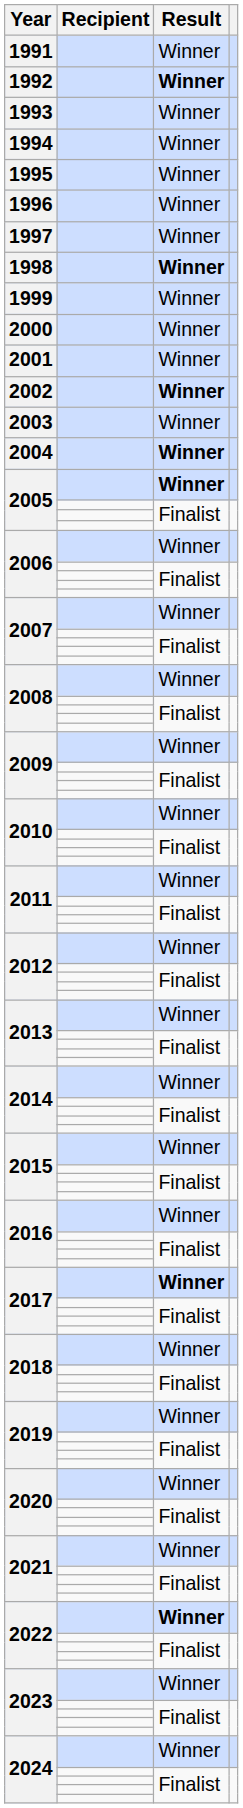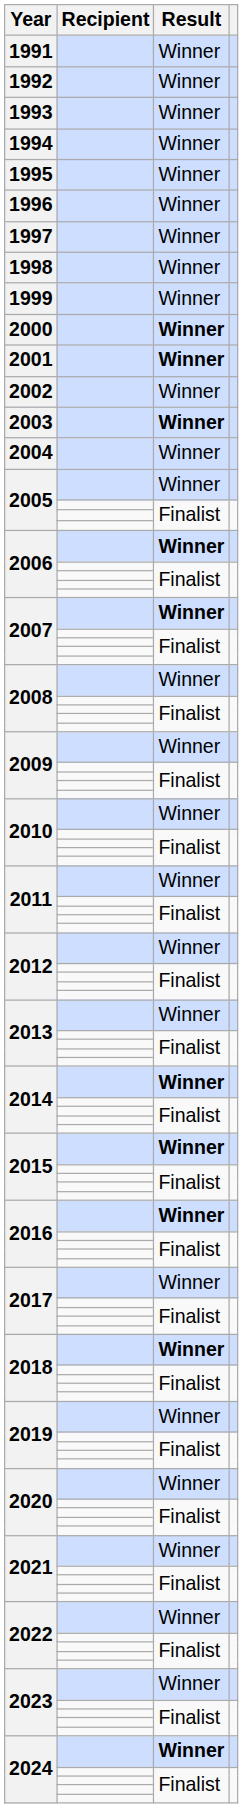 <table class="wikitable sortable mw-collapsible">
 <tr>
 <th scope="col">Year</th>
 <th scope="col">Recipient</th>
 <th scope="col">Result</th>
 <th scope="col"></th>
 </tr>
 <tr style="background:#cddeff">
 <th>1991</th>
 <td></td>
 <td>Winner</td>
 <td></td>
 </tr>
 <tr style="background:#cddeff">
 <th>1992</th>
 <td></td>
-<td><strong>Winner</strong></td>
+<td>Winner</td>
 <td></td>
 </tr>
 <tr style="background:#cddeff">
 <th>1993</th>
 <td></td>
 <td>Winner</td>
 <td></td>
 </tr>
 <tr style="background:#cddeff">
 <th>1994</th>
 <td></td>
 <td>Winner</td>
 <td></td>
 </tr>
 <tr style="background:#cddeff">
 <th>1995</th>
 <td></td>
 <td>Winner</td>
 <td></td>
 </tr>
 <tr style="background:#cddeff">
 <th>1996</th>
 <td></td>
 <td>Winner</td>
 <td></td>
 </tr>
 <tr style="background:#cddeff">
 <th>1997</th>
 <td></td>
 <td>Winner</td>
 <td></td>
 </tr>
 <tr style="background:#cddeff">
 <th>1998</th>
 <td></td>
-<td><strong>Winner</strong></td>
+<td>Winner</td>
 <td></td>
 </tr>
 <tr style="background:#cddeff">
 <th>1999</th>
 <td></td>
 <td>Winner</td>
 <td></td>
 </tr>
 <tr style="background:#cddeff">
 <th>2000</th>
 <td></td>
-<td>Winner</td>
+<td><strong>Winner</strong></td>
 <td></td>
 </tr>
 <tr style="background:#cddeff">
 <th>2001</th>
 <td></td>
-<td>Winner</td>
+<td><strong>Winner</strong></td>
 <td></td>
 </tr>
 <tr style="background:#cddeff">
 <th>2002</th>
 <td></td>
-<td><strong>Winner</strong></td>
+<td>Winner</td>
 <td></td>
 </tr>
 <tr style="background:#cddeff">
 <th>2003</th>
 <td></td>
-<td>Winner</td>
+<td><strong>Winner</strong></td>
 <td></td>
 </tr>
 <tr style="background:#cddeff">
 <th>2004</th>
 <td></td>
-<td><strong>Winner</strong></td>
+<td>Winner</td>
 <td></td>
 </tr>
 <tr style="background:#cddeff">
 <th rowspan="4">2005</th>
 <td></td>
-<td><strong>Winner</strong></td>
+<td>Winner</td>
 <td></td>
 </tr>
 <tr>
 <td></td>
 <td rowspan="3">Finalist</td>
 <td rowspan="3"></td>
 </tr>
 <tr>
 <td></td>
 </tr>
 <tr>
 <td></td>
 </tr>
 <tr style="background:#cddeff">
 <th rowspan="5">2006</th>
 <td></td>
-<td>Winner</td>
+<td><strong>Winner</strong></td>
 <td></td>
 </tr>
 <tr>
 <td></td>
 <td rowspan="4">Finalist</td>
 <td rowspan="4"></td>
 </tr>
 <tr>
 <td></td>
 </tr>
 <tr>
 <td></td>
 </tr>
 <tr>
 <td></td>
 </tr>
 <tr style="background:#cddeff">
 <th rowspan="5">2007</th>
 <td></td>
-<td>Winner</td>
+<td><strong>Winner</strong></td>
 <td></td>
 </tr>
 <tr>
 <td></td>
 <td rowspan="4">Finalist</td>
 <td rowspan="4"></td>
 </tr>
 <tr>
 <td></td>
 </tr>
 <tr>
 <td></td>
 </tr>
 <tr>
 <td></td>
 </tr>
 <tr style="background:#cddeff">
 <th rowspan="5">2008</th>
 <td></td>
 <td>Winner</td>
 <td></td>
 </tr>
 <tr>
 <td></td>
 <td rowspan="4">Finalist</td>
 <td rowspan="4"></td>
 </tr>
 <tr>
 <td></td>
 </tr>
 <tr>
 <td></td>
 </tr>
 <tr>
 <td></td>
 </tr>
 <tr style="background:#cddeff">
 <th rowspan="5">2009</th>
 <td></td>
 <td>Winner</td>
 <td></td>
 </tr>
 <tr>
 <td></td>
 <td rowspan="4">Finalist</td>
 <td rowspan="4"></td>
 </tr>
 <tr>
 <td></td>
 </tr>
 <tr>
 <td></td>
 </tr>
 <tr>
 <td></td>
 </tr>
 <tr style="background:#cddeff">
 <th rowspan="5">2010</th>
 <td></td>
 <td>Winner</td>
 <td></td>
 </tr>
 <tr>
 <td></td>
 <td rowspan="4">Finalist</td>
 <td rowspan="4"></td>
 </tr>
 <tr>
 <td></td>
 </tr>
 <tr>
 <td></td>
 </tr>
 <tr>
 <td></td>
 </tr>
 <tr style="background:#cddeff">
 <th rowspan="5">2011</th>
 <td></td>
 <td>Winner</td>
 <td></td>
 </tr>
 <tr>
 <td></td>
 <td rowspan="4">Finalist</td>
 <td rowspan="4"></td>
 </tr>
 <tr>
 <td></td>
 </tr>
 <tr>
 <td></td>
 </tr>
 <tr>
 <td></td>
 </tr>
 <tr style="background:#cddeff">
 <th rowspan="5">2012</th>
 <td></td>
 <td>Winner</td>
 <td></td>
 </tr>
 <tr>
 <td></td>
 <td rowspan="4">Finalist</td>
 <td rowspan="4"></td>
 </tr>
 <tr>
 <td></td>
 </tr>
 <tr>
 <td></td>
 </tr>
 <tr>
 <td></td>
 </tr>
 <tr style="background:#cddeff">
 <th rowspan="5">2013</th>
 <td></td>
 <td>Winner</td>
 <td></td>
 </tr>
 <tr>
 <td></td>
 <td rowspan="4">Finalist</td>
 <td rowspan="4"></td>
 </tr>
 <tr>
 <td></td>
 </tr>
 <tr>
 <td></td>
 </tr>
 <tr>
 <td></td>
 </tr>
 <tr style="background:#cddeff">
 <th rowspan="5">2014</th>
 <td></td>
-<td>Winner</td>
+<td><strong>Winner</strong></td>
 <td></td>
 </tr>
 <tr>
 <td></td>
 <td rowspan="4">Finalist</td>
 <td rowspan="4"></td>
 </tr>
 <tr>
 <td></td>
 </tr>
 <tr>
 <td></td>
 </tr>
 <tr>
 <td></td>
 </tr>
 <tr style="background:#cddeff">
 <th rowspan="5">2015</th>
 <td></td>
-<td>Winner</td>
+<td><strong>Winner</strong></td>
 <td></td>
 </tr>
 <tr>
 <td></td>
 <td rowspan="4">Finalist</td>
 <td rowspan="4"></td>
 </tr>
 <tr>
 <td></td>
 </tr>
 <tr>
 <td></td>
 </tr>
 <tr>
 <td></td>
 </tr>
 <tr style="background:#cddeff">
 <th rowspan="5">2016</th>
 <td></td>
-<td>Winner</td>
+<td><strong>Winner</strong></td>
 <td></td>
 </tr>
 <tr>
 <td></td>
 <td rowspan="4">Finalist</td>
 <td rowspan="4"></td>
 </tr>
 <tr>
 <td></td>
 </tr>
 <tr>
 <td></td>
 </tr>
 <tr>
 <td></td>
 </tr>
 <tr style="background:#cddeff">
 <th rowspan="5">2017</th>
 <td></td>
-<td><strong>Winner</strong></td>
+<td>Winner</td>
 <td></td>
 </tr>
 <tr>
 <td></td>
 <td rowspan="4">Finalist</td>
 <td rowspan="4"></td>
 </tr>
 <tr>
 <td></td>
 </tr>
 <tr>
 <td></td>
 </tr>
 <tr>
 <td></td>
 </tr>
 <tr style="background:#cddeff">
 <th rowspan="5">2018</th>
 <td></td>
-<td>Winner</td>
+<td><strong>Winner</strong></td>
 <td></td>
 </tr>
 <tr>
 <td></td>
 <td rowspan="4">Finalist</td>
 <td rowspan="4"></td>
 </tr>
 <tr>
 <td></td>
 </tr>
 <tr>
 <td></td>
 </tr>
 <tr>
 <td></td>
 </tr>
 <tr style="background:#cddeff">
 <th rowspan="5">2019</th>
 <td></td>
 <td>Winner</td>
 <td></td>
 </tr>
 <tr>
 <td></td>
 <td rowspan="4">Finalist</td>
 <td rowspan="4"></td>
 </tr>
 <tr>
 <td></td>
 </tr>
 <tr>
 <td></td>
 </tr>
 <tr>
 <td></td>
 </tr>
 <tr style="background:#cddeff">
 <th rowspan="5">2020</th>
 <td></td>
 <td>Winner</td>
 <td></td>
 </tr>
 <tr>
 <td></td>
 <td rowspan="4">Finalist</td>
 <td rowspan="4"></td>
 </tr>
 <tr>
 <td></td>
 </tr>
 <tr>
 <td></td>
 </tr>
 <tr>
 <td></td>
 </tr>
 <tr style="background:#cddeff">
 <th rowspan="5">2021</th>
 <td></td>
 <td>Winner</td>
 <td></td>
 </tr>
 <tr>
 <td></td>
 <td rowspan="4">Finalist</td>
 <td rowspan="4"></td>
 </tr>
 <tr>
 <td></td>
 </tr>
 <tr>
 <td></td>
 </tr>
 <tr>
 <td></td>
 </tr>
 <tr style="background:#cddeff">
 <th rowspan="5">2022</th>
 <td></td>
-<td><strong>Winner</strong></td>
+<td>Winner</td>
 <td></td>
 </tr>
 <tr>
 <td></td>
 <td rowspan="4">Finalist</td>
 <td rowspan="4"></td>
 </tr>
 <tr>
 <td></td>
 </tr>
 <tr>
 <td></td>
 </tr>
 <tr>
 <td></td>
 </tr>
 <tr style="background:#cddeff">
 <th rowspan="5">2023</th>
 <td></td>
 <td>Winner</td>
 <td></td>
 </tr>
 <tr>
 <td></td>
 <td rowspan="4">Finalist</td>
 <td rowspan="4"></td>
 </tr>
 <tr>
 <td></td>
 </tr>
 <tr>
 <td></td>
 </tr>
 <tr>
 <td></td>
 </tr>
 <tr style="background:#cddeff">
 <th rowspan="5">2024</th>
 <td></td>
-<td>Winner</td>
+<td><strong>Winner</strong></td>
 <td></td>
 </tr>
 <tr>
 <td></td>
 <td rowspan="4">Finalist</td>
 <td rowspan="4"></td>
 </tr>
 <tr>
 <td></td>
 </tr>
 <tr>
 <td></td>
 </tr>
 <tr>
 <td></td>
 </tr>
 </table>
